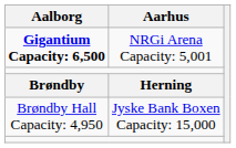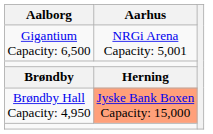 <table class="wikitable" style="text-align:center;">
 <tr>
 <th style="border-left:none; border-right;">Aalborg</th>
 <th style="border-left:none; border-right;">Aarhus</th>
 <th rowspan=6></th>
 </tr>
 <tr>
-<td style="border-left:none; border-right;"><strong><a href='#'>Gigantium</a><br>Capacity: 6,500</strong></td>
+<td style="border-left:none; border-right;"><a href='#'>Gigantium</a><br>Capacity: 6,500</td>
 <td style="border-left:none; border-right;"><a href='#'>NRGi Arena</a><br>Capacity: 5,001</td>
 </tr>
 <tr>
 <td style="border:none;"></td>
 <td style="border:none;"></td>
 </tr>
 <tr>
 <th style="border-left:none; border-right;">Brøndby</th>
 <th style="border-left:none; border-right;">Herning</th>
 </tr>
 <tr>
 <td style="border-left:none; border-right;"><a href='#'>Brøndby Hall</a><br>Capacity: 4,950</td>
-<td style="border-left:none; border-right;"><a href='#'>Jyske Bank Boxen</a><br>Capacity: 15,000</td>
+<td style="background: lightsalmon; border-left:none; border-right;"><a href='#'>Jyske Bank Boxen</a><br>Capacity: 15,000</td>
 </tr>
 <tr>
 <td style="border:none;"></td>
 <td style="border:none;"></td>
 </tr>
 </table>
